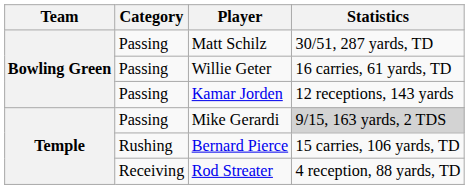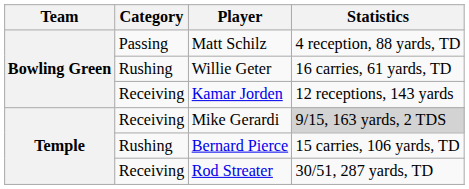 <table class="wikitable" style="float:right">
 <tr>
 <th>Team</th>
 <th>Category</th>
 <th>Player</th>
 <th>Statistics</th>
 </tr>
 <tr>
 <th rowspan=3>Bowling Green</th>
 <td>Passing</td>
 <td>Matt Schilz</td>
-<td>30/51, 287 yards, TD</td>
+<td>4 reception, 88 yards, TD</td>
 </tr>
 <tr>
-<td>Passing</td>
+<td>Rushing</td>
 <td>Willie Geter</td>
 <td>16 carries, 61 yards, TD</td>
 </tr>
 <tr>
-<td>Passing</td>
+<td>Receiving</td>
 <td><a href='#'>Kamar Jorden</a></td>
 <td>12 receptions, 143 yards</td>
 </tr>
 <tr>
 <th rowspan=3>Temple</th>
-<td>Passing</td>
+<td>Receiving</td>
 <td>Mike Gerardi</td>
 <td style="background: lightgrey;">9/15, 163 yards, 2 TDS</td>
 </tr>
 <tr>
 <td>Rushing</td>
 <td><a href='#'>Bernard Pierce</a></td>
 <td>15 carries, 106 yards, TD</td>
 </tr>
 <tr>
 <td>Receiving</td>
 <td><a href='#'>Rod Streater</a></td>
-<td>4 reception, 88 yards, TD</td>
+<td>30/51, 287 yards, TD</td>
 </tr>
 </table>
